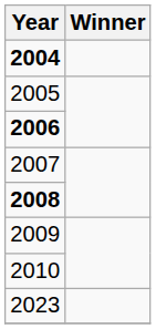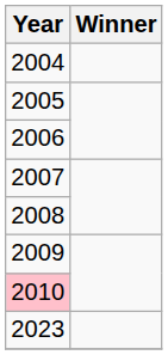 <table class="wikitable">
 <tr>
 <th>Year</th>
 <th>Winner</th>
 </tr>
 <tr>
-<td><strong>2004</strong></td>
+<td>2004</td>
 <td></td>
 </tr>
 <tr>
 <td>2005</td>
 <td rowspan="2"></td>
 </tr>
 <tr>
-<td><strong>2006</strong></td>
+<td>2006</td>
 </tr>
 <tr>
 <td>2007</td>
 <td rowspan="2"></td>
 </tr>
 <tr>
-<td><strong>2008</strong></td>
+<td>2008</td>
 </tr>
 <tr>
 <td>2009</td>
 <td rowspan="2"></td>
 </tr>
 <tr>
-<td>2010</td>
+<td style="background: pink;">2010</td>
 </tr>
 <tr>
 <td>2023</td>
 <td></td>
 </tr>
 <tr>
 </tr>
 </table>
